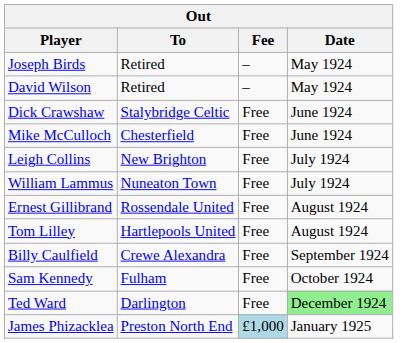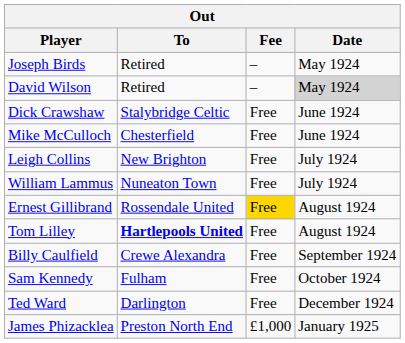 <table class="wikitable">
 <tr>
 <th colspan="5">Out</th>
 </tr>
 <tr>
 <th>Player</th>
 <th>To</th>
 <th>Fee</th>
 <th>Date</th>
 </tr>
 <tr>
 <td><a href='#'>Joseph Birds</a></td>
 <td>Retired</td>
 <td>–</td>
 <td>May 1924</td>
 </tr>
 <tr>
 <td><a href='#'>David Wilson</a></td>
 <td>Retired</td>
 <td>–</td>
-<td>May 1924</td>
+<td style="background: lightgrey;">May 1924</td>
 </tr>
 <tr>
 <td><a href='#'>Dick Crawshaw</a></td>
 <td><a href='#'>Stalybridge Celtic</a></td>
 <td>Free</td>
 <td>June 1924</td>
 </tr>
 <tr>
 <td><a href='#'>Mike McCulloch</a></td>
 <td><a href='#'>Chesterfield</a></td>
 <td>Free</td>
 <td>June 1924</td>
 </tr>
 <tr>
 <td><a href='#'>Leigh Collins</a></td>
 <td><a href='#'>New Brighton</a></td>
 <td>Free</td>
 <td>July 1924</td>
 </tr>
 <tr>
 <td><a href='#'>William Lammus</a></td>
 <td><a href='#'>Nuneaton Town</a></td>
 <td>Free</td>
 <td>July 1924</td>
 </tr>
 <tr>
 <td><a href='#'>Ernest Gillibrand</a></td>
 <td><a href='#'>Rossendale United</a></td>
-<td>Free</td>
+<td style="background: gold;">Free</td>
 <td>August 1924</td>
 </tr>
 <tr>
 <td><a href='#'>Tom Lilley</a></td>
-<td><a href='#'>Hartlepools United</a></td>
+<td><strong><a href='#'>Hartlepools United</a></strong></td>
 <td>Free</td>
 <td>August 1924</td>
 </tr>
 <tr>
 <td><a href='#'>Billy Caulfield</a></td>
 <td><a href='#'>Crewe Alexandra</a></td>
 <td>Free</td>
 <td>September 1924</td>
 </tr>
 <tr>
 <td><a href='#'>Sam Kennedy</a></td>
 <td><a href='#'>Fulham</a></td>
 <td>Free</td>
 <td>October 1924</td>
 </tr>
 <tr>
 <td><a href='#'>Ted Ward</a></td>
 <td><a href='#'>Darlington</a></td>
 <td>Free</td>
-<td style="background: lightgreen;">December 1924</td>
+<td>December 1924</td>
 </tr>
 <tr>
 <td><a href='#'>James Phizacklea</a></td>
 <td><a href='#'>Preston North End</a></td>
-<td style="background: lightblue;">£1,000</td>
+<td>£1,000</td>
 <td>January 1925</td>
 </tr>
 </table>
